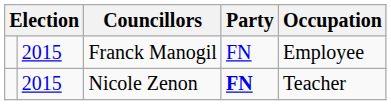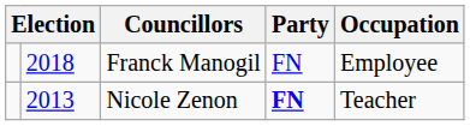 <table class="wikitable">
 <tr>
 <th colspan="2">Election</th>
 <th>Councillors</th>
 <th>Party</th>
 <th>Occupation</th>
 </tr>
 <tr>
 <td style="background-color: "></td>
-<td><a href='#'>2015</a></td>
+<td><a href='#'>2018</a></td>
 <td>Franck Manogil</td>
 <td><a href='#'>FN</a></td>
 <td>Employee</td>
 </tr>
 <tr>
 <td style="background-color: "></td>
-<td><a href='#'>2015</a></td>
+<td><a href='#'>2013</a></td>
 <td>Nicole Zenon</td>
 <td><strong><a href='#'>FN</a></strong></td>
 <td>Teacher</td>
 </tr>
 </table>
